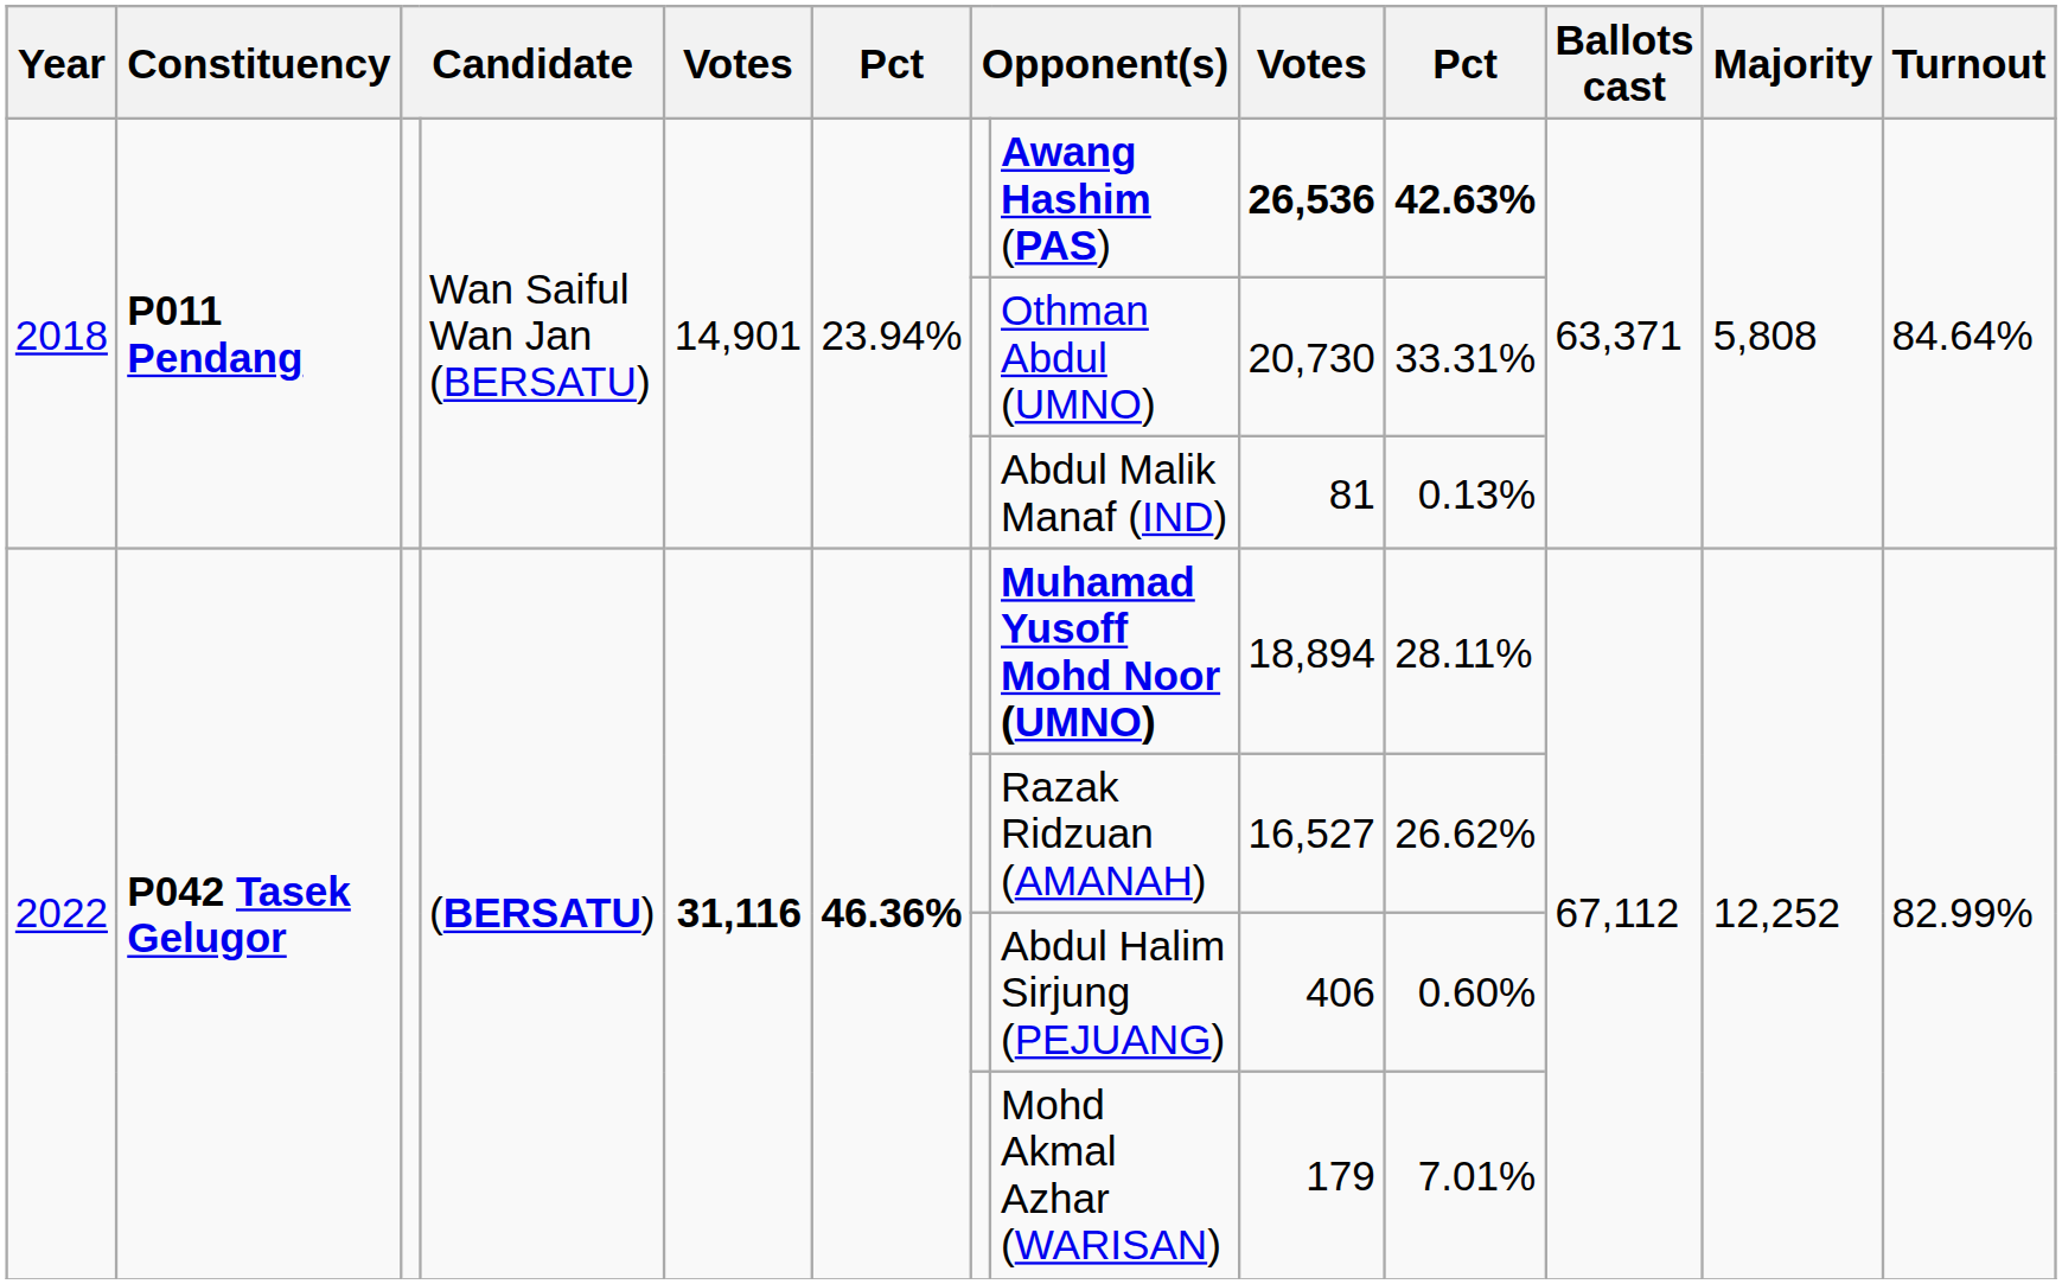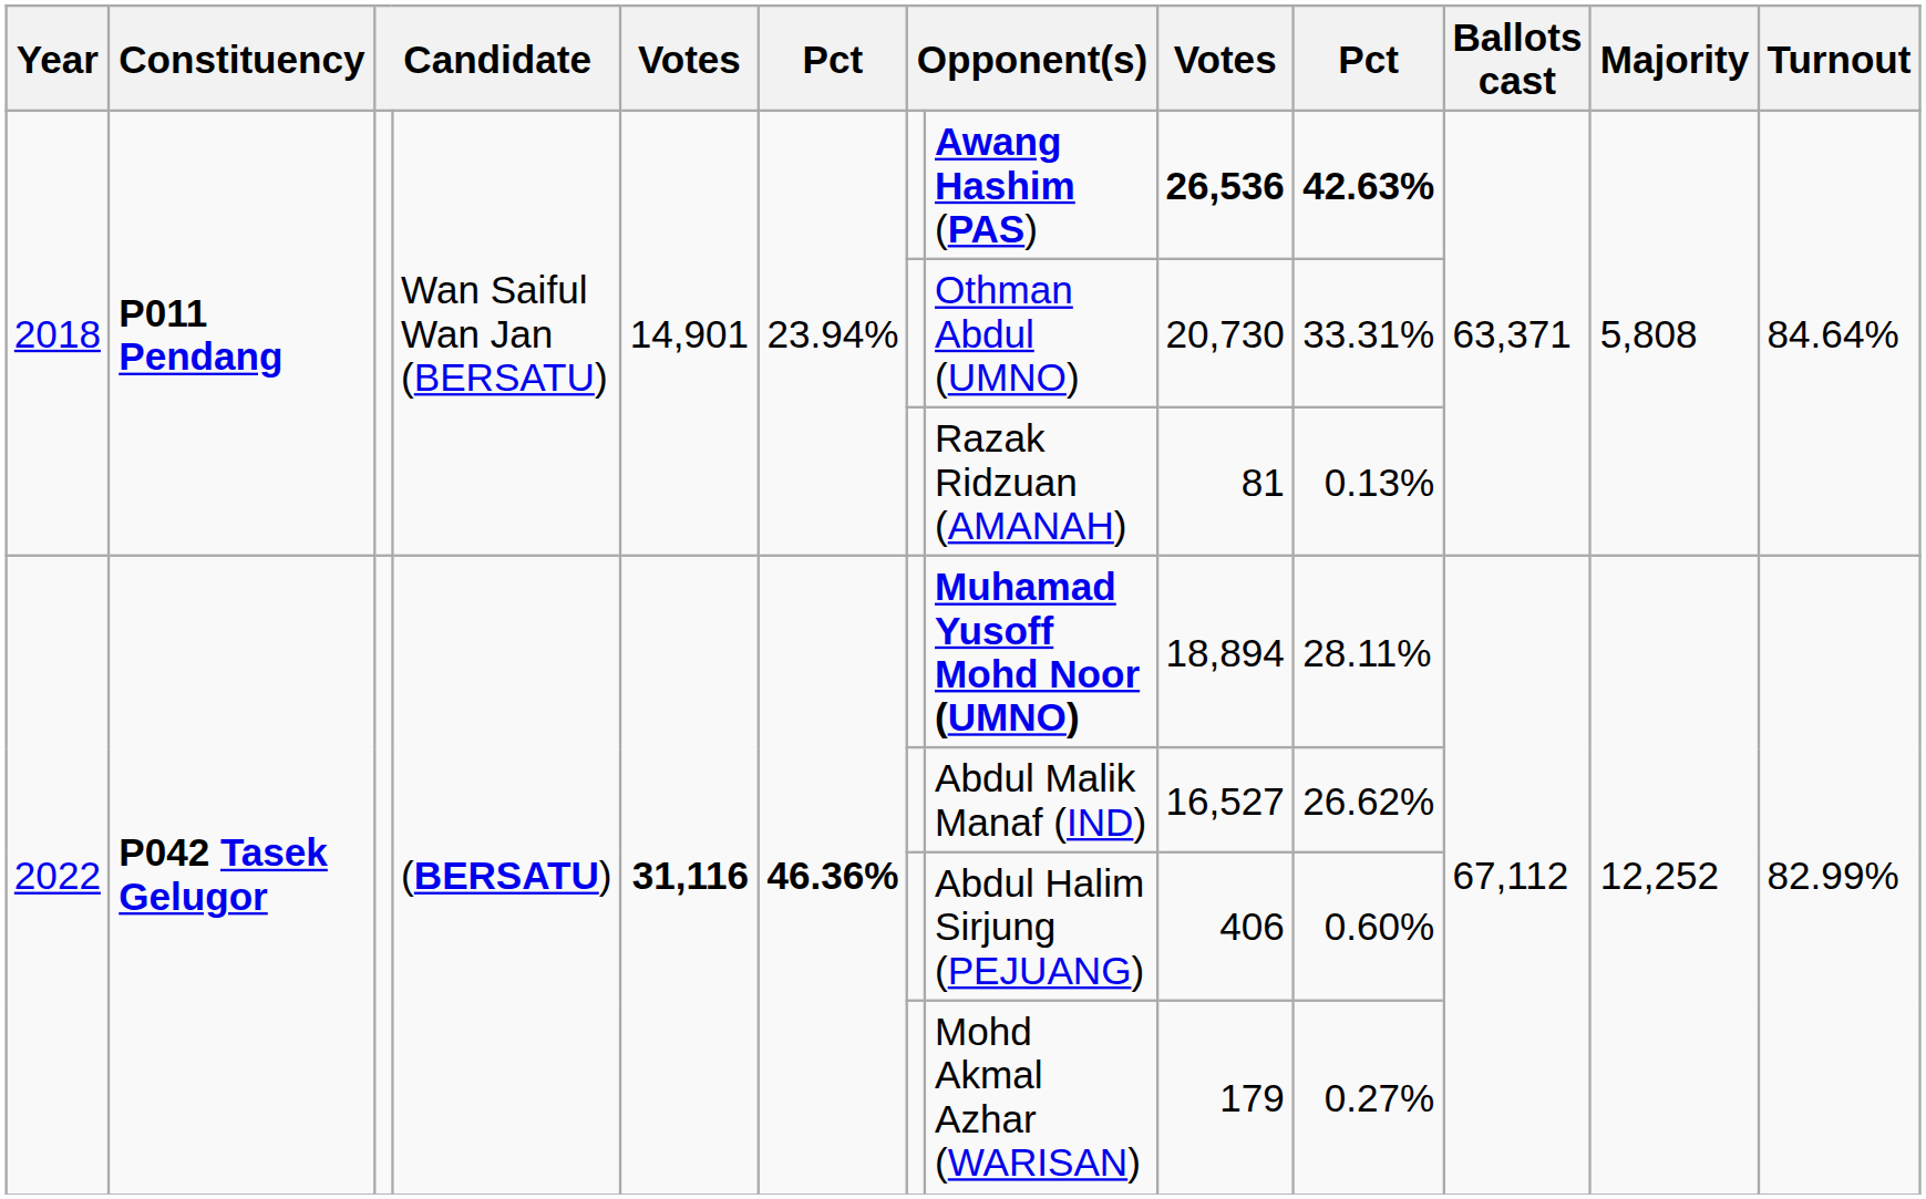 <table class="wikitable" style="margin:0.5em ; font-size:95%">
 <tr>
 <th>Year</th>
 <th>Constituency</th>
 <th colspan=2>Candidate</th>
 <th>Votes</th>
 <th>Pct</th>
 <th colspan=2>Opponent(s)</th>
 <th>Votes</th>
 <th>Pct</th>
 <th>Ballots cast</th>
 <th>Majority</th>
 <th>Turnout</th>
 </tr>
 <tr>
 <td rowspan="3"><a href='#'>2018</a></td>
 <td rowspan="3"><strong>P011 <a href='#'>Pendang</a></strong></td>
 <td rowspan="3" ></td>
 <td rowspan="3">Wan Saiful Wan Jan (<a href='#'>BERSATU</a>)</td>
 <td rowspan="3" align="right">14,901</td>
 <td rowspan="3">23.94%</td>
 <td></td>
 <td><strong><a href='#'>Awang Hashim</a></strong> (<a href='#'><strong>PAS</strong></a>)</td>
 <td align="right"><strong>26,536</strong></td>
 <td><strong>42.63%</strong></td>
 <td rowspan="3">63,371</td>
 <td rowspan="3">5,808</td>
 <td rowspan="3">84.64%</td>
 </tr>
 <tr>
 <td></td>
 <td><a href='#'>Othman Abdul</a> (<a href='#'>UMNO</a>)</td>
 <td align="right">20,730</td>
 <td>33.31%</td>
 </tr>
 <tr>
 <td></td>
-<td>Abdul Malik Manaf (<a href='#'>IND</a>)</td>
+<td>Razak Ridzuan (<a href='#'>AMANAH</a>)</td>
 <td align="right">81</td>
 <td align="right">0.13%</td>
 </tr>
 <tr>
 <td rowspan=4><a href='#'>2022</a></td>
 <td rowspan=4><strong>P042 <a href='#'>Tasek Gelugor</a></strong></td>
 <td rowspan=4 bgcolor=></td>
 <td rowspan=4> (<a href='#'><strong>BERSATU</strong></a>)</td>
 <td rowspan=4 align="right"><strong>31,116</strong></td>
 <td rowspan=4><strong>46.36%</strong></td>
 <td></td>
 <td><strong><a href='#'>Muhamad Yusoff Mohd Noor</a> (<a href='#'>UMNO</a>)</strong></td>
 <td align="right">18,894</td>
 <td>28.11%</td>
 <td rowspan=4>67,112</td>
 <td rowspan=4>12,252</td>
 <td rowspan=4>82.99%</td>
 </tr>
 <tr>
 <td></td>
-<td>Razak Ridzuan (<a href='#'>AMANAH</a>)</td>
+<td>Abdul Malik Manaf (<a href='#'>IND</a>)</td>
 <td align="right">16,527</td>
 <td>26.62%</td>
 </tr>
 <tr>
 <td bgcolor=></td>
 <td>Abdul Halim Sirjung (<a href='#'>PEJUANG</a>)</td>
 <td align="right">406</td>
 <td align="right">0.60%</td>
 </tr>
 <tr>
 <td></td>
 <td>Mohd Akmal Azhar (<a href='#'>WARISAN</a>)</td>
 <td align="right">179</td>
-<td align="right">7.01%</td>
+<td align="right">0.27%</td>
 </tr>
 </table>
